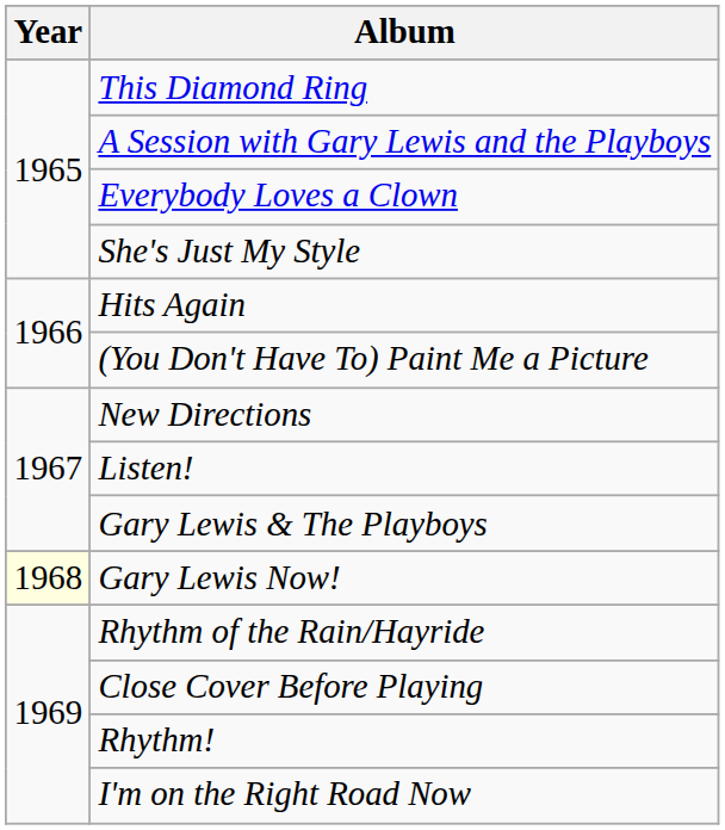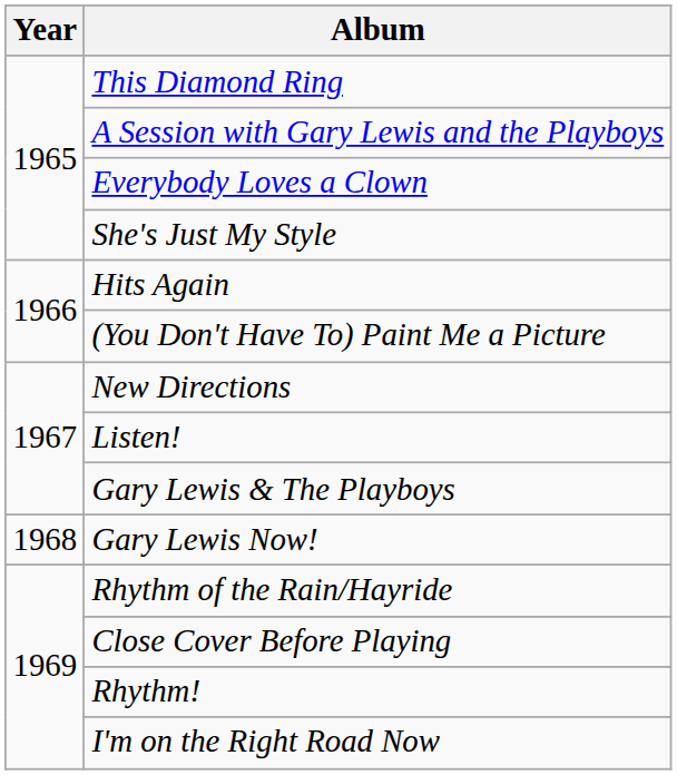 <table class="wikitable">
 <tr>
 <th>Year</th>
 <th>Album</th>
 </tr>
 <tr>
 <td rowspan="4">1965</td>
 <td><em><a href='#'>This Diamond Ring</a></em></td>
 </tr>
 <tr>
 <td><em><a href='#'>A Session with Gary Lewis and the Playboys</a></em></td>
 </tr>
 <tr>
 <td><em><a href='#'>Everybody Loves a Clown</a></em></td>
 </tr>
 <tr>
 <td><em>She's Just My Style</em></td>
 </tr>
 <tr>
 <td rowspan="2">1966</td>
 <td><em>Hits Again</em></td>
 </tr>
 <tr>
 <td><em>(You Don't Have To) Paint Me a Picture</em></td>
 </tr>
 <tr>
 <td rowspan="3">1967</td>
 <td><em>New Directions</em></td>
 </tr>
 <tr>
 <td><em>Listen!</em></td>
 </tr>
 <tr>
 <td><em>Gary Lewis & The Playboys</em></td>
 </tr>
 <tr>
-<td style="background: lightyellow;">1968</td>
+<td>1968</td>
 <td><em>Gary Lewis Now!</em></td>
 </tr>
 <tr>
 <td rowspan="4">1969</td>
 <td><em>Rhythm of the Rain/Hayride</em></td>
 </tr>
 <tr>
 <td><em>Close Cover Before Playing</em></td>
 </tr>
 <tr>
 <td><em>Rhythm!</em></td>
 </tr>
 <tr>
 <td><em>I'm on the Right Road Now</em></td>
 </tr>
 </table>
